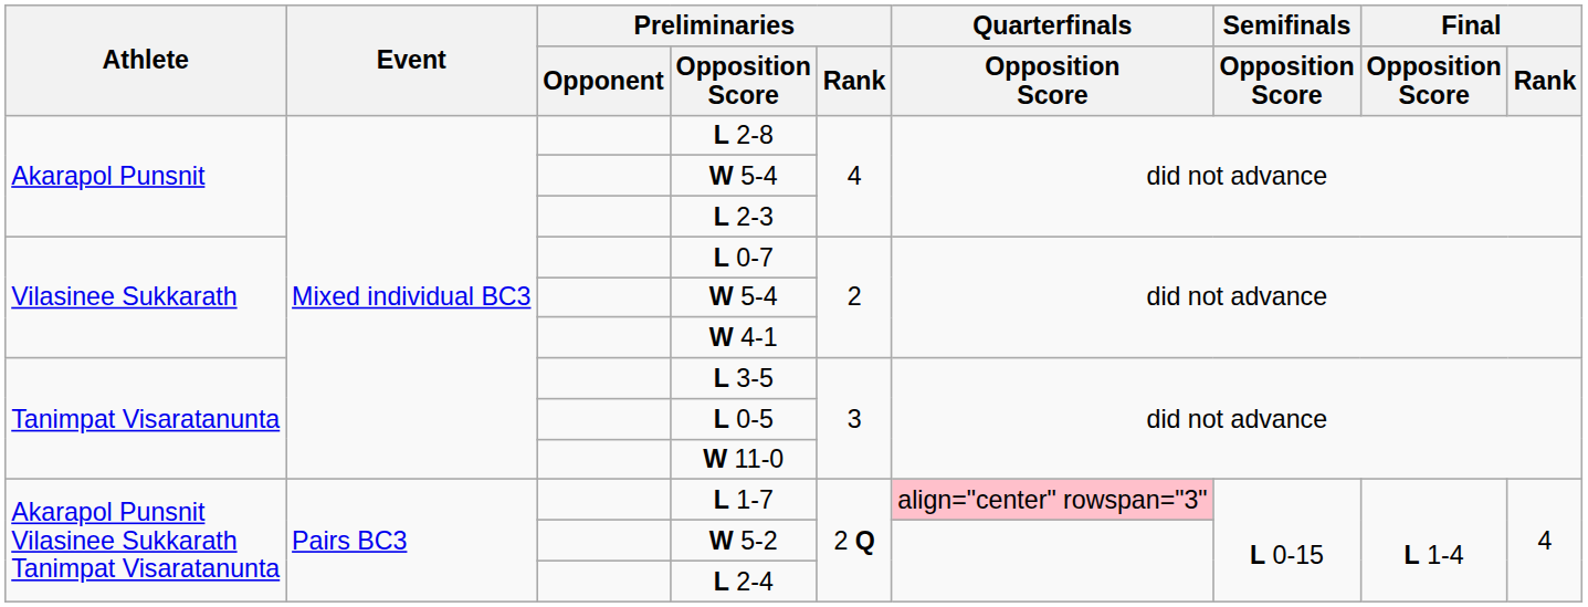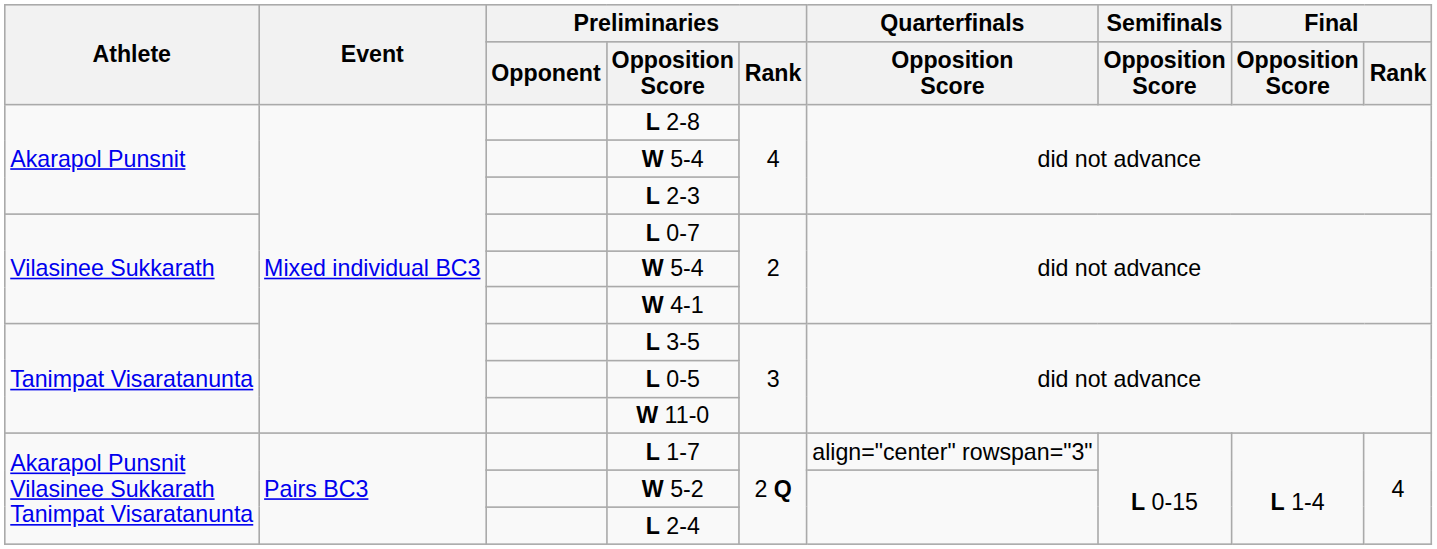 <table class=wikitable style="font-size:90%">
 <tr>
 <th rowspan="2">Athlete</th>
 <th rowspan="2">Event</th>
 <th colspan="3">Preliminaries</th>
 <th>Quarterfinals</th>
 <th>Semifinals</th>
 <th colspan="2">Final</th>
 </tr>
 <tr>
 <th>Opponent</th>
 <th>Opposition<br>Score</th>
 <th>Rank</th>
 <th>Opposition<br>Score</th>
 <th>Opposition<br>Score</th>
 <th>Opposition<br>Score</th>
 <th>Rank</th>
 </tr>
 <tr>
 <td rowspan="3"><a href='#'>Akarapol Punsnit</a></td>
 <td rowspan="9"><a href='#'>Mixed individual BC3</a></td>
 <td align="left"></td>
 <td align="center"><strong>L</strong> 2-8</td>
 <td align="center" rowspan="3">4</td>
 <td align="center" rowspan="3" colspan="4">did not advance</td>
 </tr>
 <tr>
 <td align="left"></td>
 <td align="center"><strong>W</strong> 5-4</td>
 </tr>
 <tr>
 <td align="left"></td>
 <td align="center"><strong>L</strong> 2-3</td>
 </tr>
 <tr>
 <td rowspan="3"><a href='#'>Vilasinee Sukkarath</a></td>
 <td align="left"></td>
 <td align="center"><strong>L</strong> 0-7</td>
 <td align="center" rowspan="3">2</td>
 <td align="center" rowspan="3" colspan="4">did not advance</td>
 </tr>
 <tr>
 <td align="left"></td>
 <td align="center"><strong>W</strong> 5-4</td>
 </tr>
 <tr>
 <td align="left"></td>
 <td align="center"><strong>W</strong> 4-1</td>
 </tr>
 <tr>
 <td rowspan="3"><a href='#'>Tanimpat Visaratanunta</a></td>
 <td align="left"></td>
 <td align="center"><strong>L</strong> 3-5</td>
 <td align="center" rowspan="3">3</td>
 <td align="center" rowspan="3" colspan="4">did not advance</td>
 </tr>
 <tr>
 <td align="left"></td>
 <td align="center"><strong>L</strong> 0-5</td>
 </tr>
 <tr>
 <td align="left"></td>
 <td align="center"><strong>W</strong> 11-0</td>
 </tr>
 <tr>
 <td rowspan="3"><a href='#'>Akarapol Punsnit</a><br> <a href='#'>Vilasinee Sukkarath</a><br> <a href='#'>Tanimpat Visaratanunta</a></td>
 <td rowspan="3"><a href='#'>Pairs BC3</a></td>
 <td align="left"></td>
 <td align="center"><strong>L</strong> 1-7</td>
 <td align="center" rowspan="3">2 <strong>Q</strong></td>
-<td style="background: pink;">align="center" rowspan="3" </td>
+<td>align="center" rowspan="3" </td>
 <td align="center" rowspan="3"><br><strong>L</strong> 0-15</td>
 <td align="center" rowspan="3"><br><strong>L</strong> 1-4</td>
 <td align="center" rowspan="3">4</td>
 </tr>
 <tr>
 <td align="left"></td>
 <td align="center"><strong>W</strong> 5-2</td>
 </tr>
 <tr>
 <td align="left"></td>
 <td align="center"><strong>L</strong> 2-4</td>
 </tr>
 </table>
